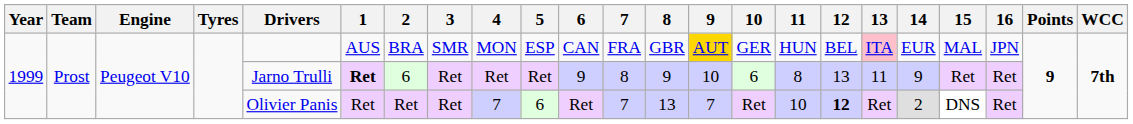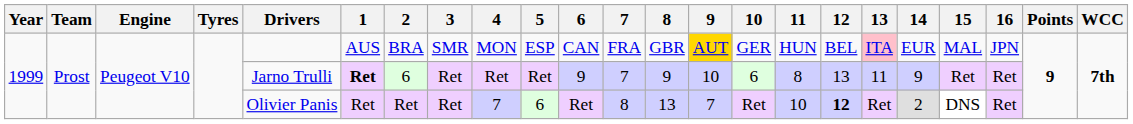 <table class="wikitable" style="text-align:center; font-size:95%">
 <tr>
 <th>Year</th>
 <th>Team</th>
 <th>Engine</th>
 <th>Tyres</th>
 <th>Drivers</th>
 <th>1</th>
 <th>2</th>
 <th>3</th>
 <th>4</th>
 <th>5</th>
 <th>6</th>
 <th>7</th>
 <th>8</th>
 <th>9</th>
 <th>10</th>
 <th>11</th>
 <th>12</th>
 <th>13</th>
 <th>14</th>
 <th>15</th>
 <th>16</th>
 <th>Points</th>
 <th>WCC</th>
 </tr>
 <tr>
 <td rowspan="3"><a href='#'>1999</a></td>
 <td rowspan="3"><a href='#'>Prost</a></td>
 <td rowspan="3"><a href='#'>Peugeot V10</a></td>
 <td rowspan="3"></td>
 <td></td>
 <td><a href='#'>AUS</a></td>
 <td><a href='#'>BRA</a></td>
 <td><a href='#'>SMR</a></td>
 <td><a href='#'>MON</a></td>
 <td><a href='#'>ESP</a></td>
 <td><a href='#'>CAN</a></td>
 <td><a href='#'>FRA</a></td>
 <td><a href='#'>GBR</a></td>
 <td style="background: gold;"><a href='#'>AUT</a></td>
 <td><a href='#'>GER</a></td>
 <td><a href='#'>HUN</a></td>
 <td><a href='#'>BEL</a></td>
 <td style="background: pink;"><a href='#'>ITA</a></td>
 <td><a href='#'>EUR</a></td>
 <td><a href='#'>MAL</a></td>
 <td><a href='#'>JPN</a></td>
 <td rowspan="3"><strong>9</strong></td>
 <td rowspan="3"><strong>7th</strong></td>
 </tr>
 <tr>
 <td><a href='#'>Jarno Trulli</a></td>
 <td style="background:#EFCFFF;"><strong>Ret</strong></td>
 <td style="background:#DFFFDF;">6</td>
 <td style="background:#EFCFFF;">Ret</td>
 <td style="background:#EFCFFF;">Ret</td>
 <td style="background:#EFCFFF;">Ret</td>
 <td style="background:#CFCFFF;">9</td>
-<td style="background:#CFCFFF;">8</td>
+<td style="background:#CFCFFF;">7</td>
 <td style="background:#CFCFFF;">9</td>
 <td style="background:#CFCFFF;">10</td>
 <td style="background:#DFFFDF;">6</td>
 <td style="background:#CFCFFF;">8</td>
 <td style="background:#CFCFFF;">13</td>
 <td style="background:#CFCFFF;">11</td>
 <td style="background:#CFCFFF;">9</td>
 <td style="background:#EFCFFF;">Ret</td>
 <td style="background:#EFCFFF;">Ret</td>
 </tr>
 <tr>
 <td><a href='#'>Olivier Panis</a></td>
 <td style="background:#EFCFFF;">Ret</td>
 <td style="background:#EFCFFF;">Ret</td>
 <td style="background:#EFCFFF;">Ret</td>
 <td style="background:#CFCFFF;">7</td>
 <td style="background:#DFFFDF;">6</td>
 <td style="background:#EFCFFF;">Ret</td>
-<td style="background:#CFCFFF;">7</td>
+<td style="background:#CFCFFF;">8</td>
 <td style="background:#CFCFFF;">13</td>
 <td style="background:#CFCFFF;">7</td>
 <td style="background:#EFCFFF;">Ret</td>
 <td style="background:#CFCFFF;">10</td>
 <td style="background:#CFCFFF;"><strong>12</strong></td>
 <td style="background:#EFCFFF;">Ret</td>
 <td style="background:#DFDFDF;">2</td>
 <td style="background:#FFFFFF;">DNS</td>
 <td style="background:#EFCFFF;">Ret</td>
 </tr>
 </table>
